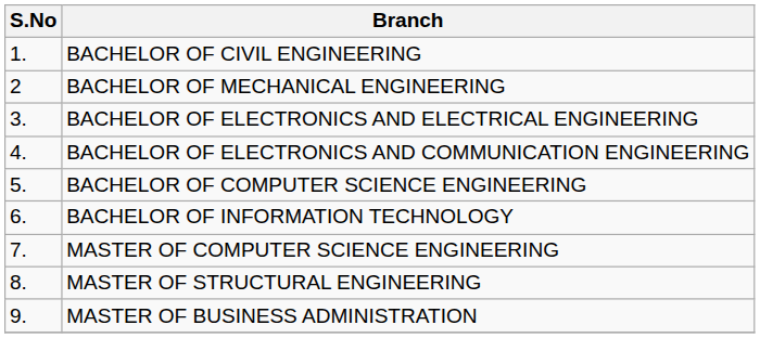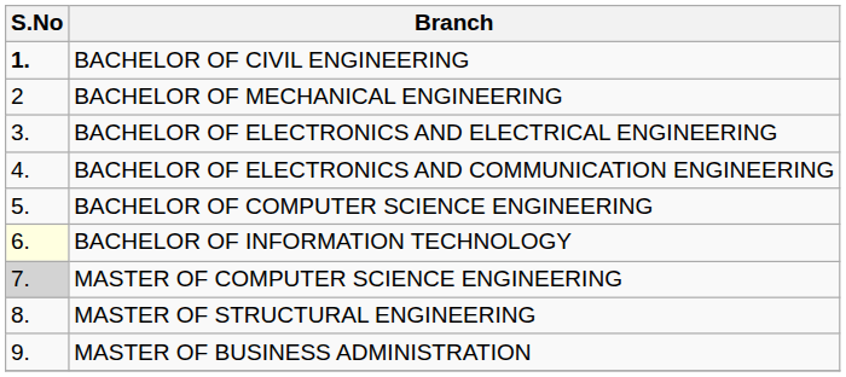 <table class="wikitable">
 <tr>
 <th>S.No</th>
 <th>Branch</th>
 </tr>
 <tr>
-<td>1.</td>
+<td><strong>1.</strong></td>
 <td>BACHELOR OF CIVIL ENGINEERING</td>
 </tr>
 <tr>
 <td>2</td>
 <td>BACHELOR OF MECHANICAL ENGINEERING</td>
 </tr>
 <tr>
 <td>3.</td>
 <td>BACHELOR OF ELECTRONICS AND ELECTRICAL ENGINEERING</td>
 </tr>
 <tr>
 <td>4.</td>
 <td>BACHELOR OF ELECTRONICS AND COMMUNICATION ENGINEERING</td>
 </tr>
 <tr>
 <td>5.</td>
 <td>BACHELOR OF COMPUTER SCIENCE ENGINEERING</td>
 </tr>
 <tr>
-<td>6.</td>
+<td style="background: lightyellow;">6.</td>
 <td>BACHELOR OF INFORMATION TECHNOLOGY</td>
 </tr>
 <tr>
-<td>7.</td>
+<td style="background: lightgrey;">7.</td>
 <td>MASTER OF COMPUTER SCIENCE ENGINEERING</td>
 </tr>
 <tr>
 <td>8.</td>
 <td>MASTER OF STRUCTURAL ENGINEERING</td>
 </tr>
 <tr>
 <td>9.</td>
 <td>MASTER OF BUSINESS ADMINISTRATION</td>
 </tr>
 <tr>
 </tr>
 </table>
